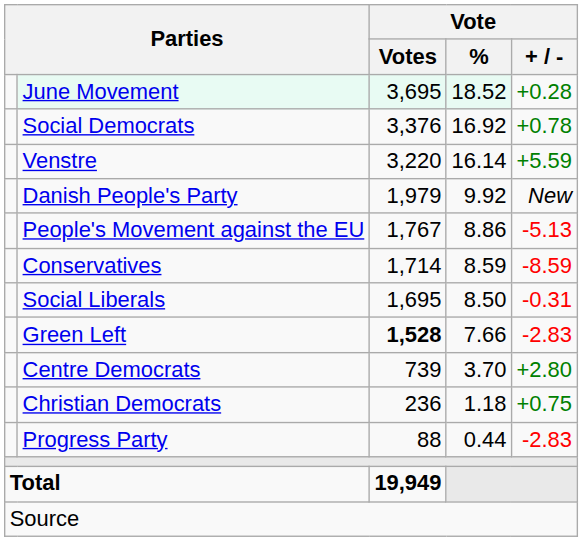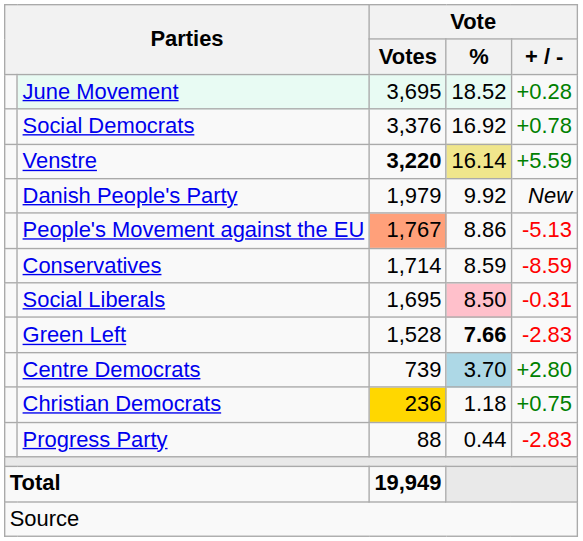 <table class="wikitable" style="text-align:right;">
 <tr>
 <th style="text-align:centre;" rowspan="2" colspan="2" width="225">Parties</th>
 <th colspan="3">Vote</th>
 </tr>
 <tr>
 <th width="15">Votes</th>
 <th width="15">%</th>
 <th width="15">+ / -</th>
 </tr>
 <tr>
 <td width="2" style="color:inherit;background:"></td>
 <td bgcolor=#e8fbf3   align="left"><a href='#'>June Movement</a></td>
 <td bgcolor=#e8fbf3>3,695</td>
 <td bgcolor=#e8fbf3>18.52</td>
 <td style=color:green;>+0.28</td>
 </tr>
 <tr>
 <td width="2" style="color:inherit;background:"></td>
 <td align="left"><a href='#'>Social Democrats</a></td>
 <td>3,376</td>
 <td>16.92</td>
 <td style=color:green;>+0.78</td>
 </tr>
 <tr>
 <td width="2" style="color:inherit;background:"></td>
 <td align="left"><a href='#'>Venstre</a></td>
-<td>3,220</td>
-<td>16.14</td>
+<td><strong>3,220</strong></td>
+<td style="background: khaki;">16.14</td>
 <td style=color:green;>+5.59</td>
 </tr>
 <tr>
 <td width="2" style="color:inherit;background:"></td>
 <td align="left"><a href='#'>Danish People's Party</a></td>
 <td>1,979</td>
 <td>9.92</td>
 <td><em>New</em></td>
 </tr>
 <tr>
 <td width="2" style="color:inherit;background:"></td>
 <td align="left"><a href='#'>People's Movement against the EU</a></td>
-<td>1,767</td>
+<td style="background: lightsalmon;">1,767</td>
 <td>8.86</td>
 <td style=color:red;>-5.13</td>
 </tr>
 <tr>
 <td width="2" style="color:inherit;background:"></td>
 <td align="left"><a href='#'>Conservatives</a></td>
 <td>1,714</td>
 <td>8.59</td>
 <td style=color:red;>-8.59</td>
 </tr>
 <tr>
 <td width="2" style="color:inherit;background:"></td>
 <td align="left"><a href='#'>Social Liberals</a></td>
 <td>1,695</td>
-<td>8.50</td>
+<td style="background: pink;">8.50</td>
 <td style=color:red;>-0.31</td>
 </tr>
 <tr>
 <td width="2" style="color:inherit;background:"></td>
 <td align="left"><a href='#'>Green Left</a></td>
-<td><strong>1,528</strong></td>
-<td>7.66</td>
+<td>1,528</td>
+<td><strong>7.66</strong></td>
 <td style=color:red;>-2.83</td>
 </tr>
 <tr>
 <td width="2" style="color:inherit;background:"></td>
 <td align="left"><a href='#'>Centre Democrats</a></td>
 <td>739</td>
-<td>3.70</td>
+<td style="background: lightblue;">3.70</td>
 <td style=color:green;>+2.80</td>
 </tr>
 <tr>
 <td width="2" style="color:inherit;background:"></td>
 <td align="left"><a href='#'>Christian Democrats</a></td>
-<td>236</td>
+<td style="background: gold;">236</td>
 <td>1.18</td>
 <td style=color:green;>+0.75</td>
 </tr>
 <tr>
 <td width="2" style="color:inherit;background:"></td>
 <td align="left"><a href='#'>Progress Party</a></td>
 <td>88</td>
 <td>0.44</td>
 <td style=color:red;>-2.83</td>
 </tr>
 <tr>
 <td colspan="7" bgcolor="#E9E9E9"></td>
 </tr>
 <tr>
 <td align="left" colspan="2"><strong>Total</strong></td>
 <td><strong>19,949</strong></td>
 <td bgcolor="#E9E9E9" colspan="2"></td>
 </tr>
 <tr>
 <td align="left" colspan="6">Source</td>
 </tr>
 </table>
